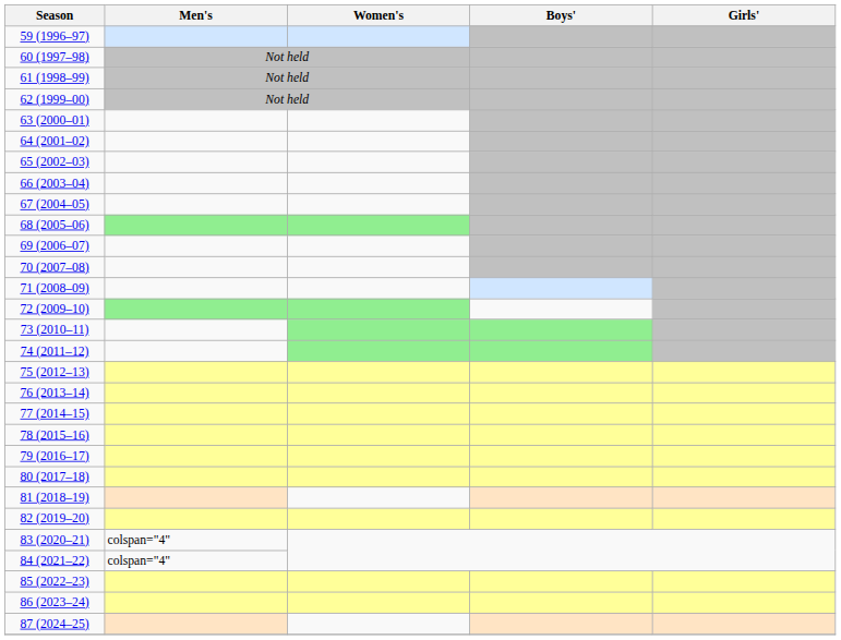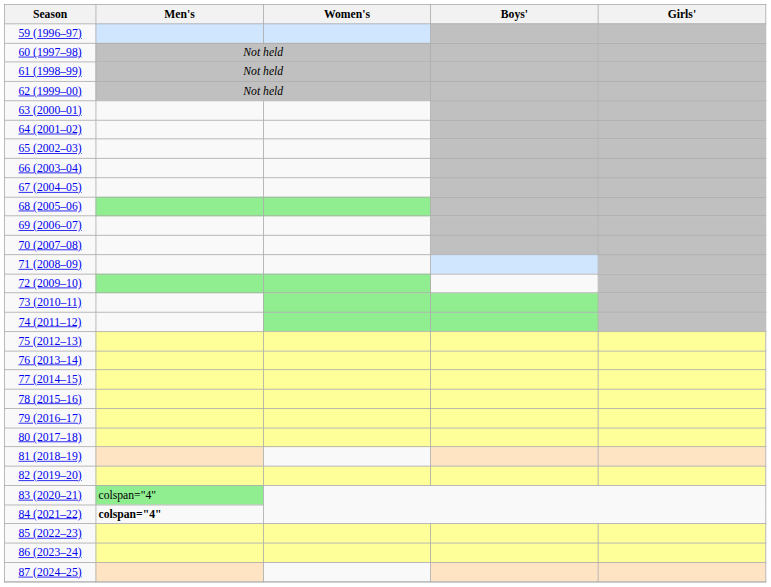 <table class="wikitable" style="font-size:90%;">
 <tr>
 <th width=12%><strong>Season</strong></th>
 <th width=200px><strong>Men's</strong></th>
 <th width=200px><strong>Women's</strong></th>
 <th width=200px><strong>Boys</strong>'</th>
 <th width=200px><strong>Girls</strong>'</th>
 </tr>
 <tr>
 <td align=center><a href='#'> 59 (1996–97)</a></td>
 <td bgcolor="#D0E6FF"></td>
 <td bgcolor="#D0E6FF"></td>
 <td bgcolor=silver></td>
 <td bgcolor=silver></td>
 </tr>
 <tr>
 <td align=center><a href='#'> 60 (1997–98)</a></td>
 <td bgcolor=silver colspan=2 align=center><em>Not held</em></td>
 <td bgcolor=silver></td>
 <td bgcolor=silver></td>
 </tr>
 <tr>
 <td align=center><a href='#'> 61 (1998–99)</a></td>
 <td bgcolor=silver colspan=2 align=center><em>Not held</em></td>
 <td bgcolor=silver></td>
 <td bgcolor=silver></td>
 </tr>
 <tr>
 <td align=center><a href='#'> 62 (1999–00)</a></td>
 <td bgcolor=silver colspan=2 align=center><em>Not held</em></td>
 <td bgcolor=silver></td>
 <td bgcolor=silver></td>
 </tr>
 <tr>
 <td align=center><a href='#'> 63 (2000–01)</a></td>
 <td></td>
 <td></td>
 <td bgcolor=silver></td>
 <td bgcolor=silver></td>
 </tr>
 <tr>
 <td align=center><a href='#'> 64 (2001–02)</a></td>
 <td></td>
 <td></td>
 <td bgcolor=silver></td>
 <td bgcolor=silver></td>
 </tr>
 <tr>
 <td align=center><a href='#'> 65 (2002–03)</a></td>
 <td></td>
 <td></td>
 <td bgcolor=silver></td>
 <td bgcolor=silver></td>
 </tr>
 <tr>
 <td align=center><a href='#'> 66 (2003–04)</a></td>
 <td></td>
 <td></td>
 <td bgcolor=silver></td>
 <td bgcolor=silver></td>
 </tr>
 <tr>
 <td align=center><a href='#'> 67 (2004–05)</a></td>
 <td></td>
 <td></td>
 <td bgcolor=silver></td>
 <td bgcolor=silver></td>
 </tr>
 <tr>
 <td align=center><a href='#'> 68 (2005–06)</a></td>
 <td bgcolor="#90ee90"></td>
 <td bgcolor="#90ee90"></td>
 <td bgcolor=silver></td>
 <td bgcolor=silver></td>
 </tr>
 <tr>
 <td align=center><a href='#'> 69 (2006–07)</a></td>
 <td></td>
 <td></td>
 <td bgcolor=silver></td>
 <td bgcolor=silver></td>
 </tr>
 <tr>
 <td align=center><a href='#'> 70 (2007–08)</a></td>
 <td></td>
 <td></td>
 <td bgcolor=silver></td>
 <td bgcolor=silver></td>
 </tr>
 <tr>
 <td align=center><a href='#'> 71 (2008–09)</a></td>
 <td></td>
 <td></td>
 <td bgcolor="#D0E6FF"></td>
 <td bgcolor=silver></td>
 </tr>
 <tr>
 <td align=center><a href='#'> 72 (2009–10)</a></td>
 <td bgcolor="#90ee90"></td>
 <td bgcolor="#90ee90"></td>
 <td></td>
 <td bgcolor=silver></td>
 </tr>
 <tr>
 <td align=center><a href='#'> 73 (2010–11)</a></td>
 <td></td>
 <td bgcolor="#90ee90"></td>
 <td bgcolor="#90ee90"></td>
 <td bgcolor=silver></td>
 </tr>
 <tr>
 <td align=center><a href='#'> 74 (2011–12)</a></td>
 <td></td>
 <td bgcolor="#90ee90"></td>
 <td bgcolor="#90ee90"></td>
 <td bgcolor=silver></td>
 </tr>
 <tr>
 <td align=center><a href='#'> 75 (2012–13)</a></td>
 <td bgcolor="#FFFF99"></td>
 <td bgcolor="#FFFF99"></td>
 <td bgcolor="#FFFF99"></td>
 <td bgcolor="#FFFF99"></td>
 </tr>
 <tr>
 <td align=center><a href='#'> 76 (2013–14)</a></td>
 <td bgcolor="#FFFF99"></td>
 <td bgcolor="#FFFF99"></td>
 <td bgcolor="#FFFF99"></td>
 <td bgcolor="#FFFF99"></td>
 </tr>
 <tr>
 <td align=center><a href='#'> 77 (2014–15)</a></td>
 <td bgcolor="#FFFF99"></td>
 <td bgcolor="#FFFF99"></td>
 <td bgcolor="#FFFF99"></td>
 <td bgcolor="#FFFF99"></td>
 </tr>
 <tr>
 <td align=center><a href='#'> 78 (2015–16)</a></td>
 <td bgcolor="#FFFF99"></td>
 <td bgcolor="#FFFF99"></td>
 <td bgcolor="#FFFF99"></td>
 <td bgcolor="#FFFF99"></td>
 </tr>
 <tr>
 <td align=center><a href='#'> 79 (2016–17)</a></td>
 <td bgcolor="#FFFF99"></td>
 <td bgcolor="#FFFF99"></td>
 <td bgcolor="#FFFF99"></td>
 <td bgcolor="#FFFF99"></td>
 </tr>
 <tr>
 <td align=center><a href='#'> 80 (2017–18)</a></td>
 <td bgcolor="#FFFF99"></td>
 <td bgcolor="#FFFF99"></td>
 <td bgcolor="#FFFF99"></td>
 <td bgcolor="#FFFF99"></td>
 </tr>
 <tr>
 <td align=center><a href='#'> 81 (2018–19)</a></td>
 <td bgcolor="#FFE4C4"></td>
 <td></td>
 <td bgcolor="#FFE4C4"></td>
 <td bgcolor="#FFE4C4"></td>
 </tr>
 <tr>
 <td align=center><a href='#'> 82 (2019–20)</a></td>
 <td bgcolor="#FFFF99"></td>
 <td bgcolor="#FFFF99"></td>
 <td bgcolor="#FFFF99"></td>
 <td bgcolor="#FFFF99"></td>
 </tr>
 <tr>
 <td align=center><a href='#'> 83 (2020–21)</a></td>
-<td>colspan="4" </td>
+<td style="background: lightgreen;">colspan="4" </td>
 </tr>
 <tr>
 <td align=center><a href='#'> 84 (2021–22)</a></td>
-<td>colspan="4" </td>
+<td><strong>colspan="4" </strong></td>
 </tr>
 <tr>
 <td align=center><a href='#'> 85 (2022–23)</a></td>
 <td bgcolor="#FFFF99"></td>
 <td bgcolor="#FFFF99"></td>
 <td bgcolor="#FFFF99"></td>
 <td bgcolor="#FFFF99"></td>
 </tr>
 <tr>
 <td align=center><a href='#'> 86 (2023–24)</a></td>
 <td bgcolor="#FFFF99"></td>
 <td bgcolor="#FFFF99"></td>
 <td bgcolor="#FFFF99"></td>
 <td bgcolor="#FFFF99"></td>
 </tr>
 <tr>
 <td align=center><a href='#'> 87 (2024–25)</a></td>
 <td bgcolor="#FFE4C4"></td>
 <td></td>
 <td bgcolor="#FFE4C4"></td>
 <td bgcolor="#FFE4C4"></td>
 </tr>
 <tr>
 </tr>
 </table>
